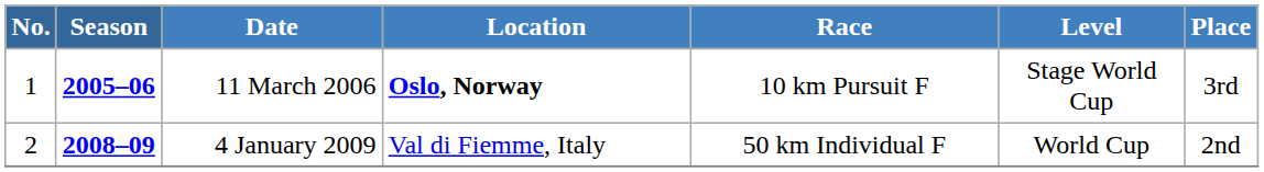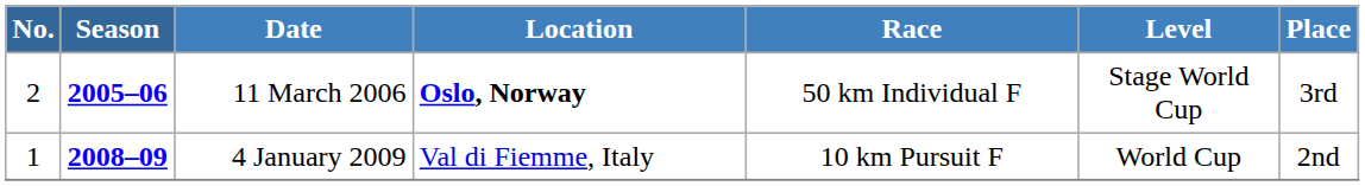 <table class="wikitable sortable" style="font-size:95%; text-align:center; border:grey solid 1px; border-collapse:collapse; background:#ffffff;">
 <tr style="background:#efefef;">
 <th style="background-color:#369; color:white;">No.</th>
 <th style="background-color:#369; color:white;">Season</th>
 <th style="background-color:#4180be; color:white; width:120px;">Date</th>
 <th style="background-color:#4180be; color:white; width:170px;">Location</th>
 <th style="background-color:#4180be; color:white; width:170px;">Race</th>
 <th style="background-color:#4180be; color:white; width:100px;">Level</th>
 <th style="background-color:#4180be; color:white;">Place</th>
 </tr>
 <tr>
-<td align=center>1</td>
+<td align=center>2</td>
 <td rowspan=1 align=center><strong><a href='#'>2005–06</a></strong></td>
 <td align=right>11 March 2006</td>
 <td align=left><strong> <a href='#'>Oslo</a>, Norway</strong></td>
-<td>10 km Pursuit F</td>
+<td>50 km Individual F</td>
 <td>Stage World Cup</td>
 <td>3rd</td>
 </tr>
 <tr>
-<td align=center>2</td>
+<td align=center>1</td>
 <td rowspan=1 align=center><strong><a href='#'>2008–09</a></strong></td>
 <td align=right>4 January 2009</td>
 <td align=left> <a href='#'>Val di Fiemme</a>, Italy</td>
-<td>50 km Individual F</td>
+<td>10 km Pursuit F</td>
 <td>World Cup</td>
 <td>2nd</td>
 </tr>
 <tr>
 </tr>
 </table>
